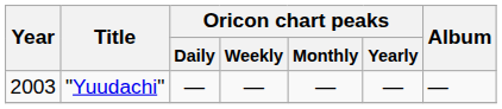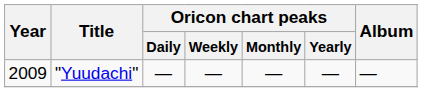 <table class="wikitable">
 <tr>
 <th rowspan="2">Year</th>
 <th rowspan="2">Title</th>
 <th colspan="4">Oricon chart peaks</th>
 <th rowspan="2">Album</th>
 </tr>
 <tr>
 <th width="30"><small>Daily</small></th>
 <th width="30"><small>Weekly</small></th>
 <th width="30"><small>Monthly</small></th>
 <th width="30"><small>Yearly</small></th>
 </tr>
 <tr>
-<td>2003</td>
+<td>2009</td>
 <td>"<a href='#'>Yuudachi</a>"</td>
 <td align="center">—</td>
 <td align="center">—</td>
 <td align="center">—</td>
 <td align="center">—</td>
 <td><em>—</em></td>
 </tr>
 <tr>
 </tr>
 </table>
